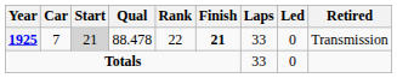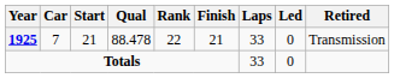 <table class="wikitable" style="text-align:center">
 <tr>
 <th>Year</th>
 <th>Car</th>
 <th>Start</th>
 <th>Qual</th>
 <th>Rank</th>
 <th>Finish</th>
 <th>Laps</th>
 <th>Led</th>
 <th>Retired</th>
 </tr>
 <tr>
 <th><a href='#'>1925</a></th>
 <td>7</td>
-<td style="background: lightgrey;">21</td>
+<td>21</td>
 <td>88.478</td>
 <td>22</td>
-<td><strong>21</strong></td>
+<td>21</td>
 <td>33</td>
 <td>0</td>
 <td>Transmission</td>
 </tr>
 <tr>
 <td colspan=6><strong>Totals</strong></td>
 <td>33</td>
 <td>0</td>
 <td></td>
 </tr>
 </table>
